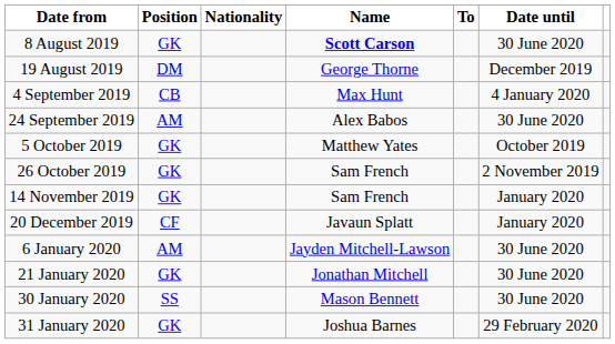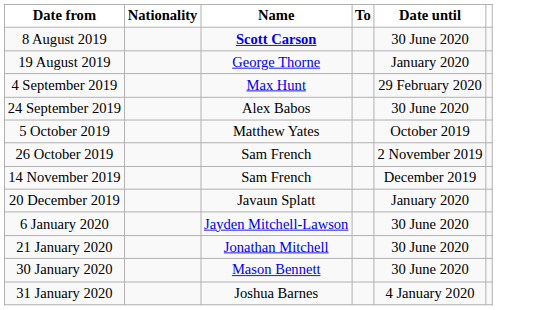 <table class="wikitable" style="text-align:center;">
 <tr>
 <th style="color:#000000; background:#ffffff; ">Date from</th>
-<th style="color:#000000; background:#ffffff; ">Position</th>
 <th style="color:#000000; background:#ffffff; ">Nationality</th>
 <th style="color:#000000; background:#ffffff; ">Name</th>
 <th style="color:#000000; background:#ffffff; ">To</th>
 <th style="color:#000000; background:#ffffff; ">Date until</th>
 <th style="color:#000000; background:#ffffff; "></th>
 </tr>
 <tr>
 <td>8 August 2019</td>
-<td><a href='#'>GK</a></td>
 <td></td>
 <td><strong><a href='#'>Scott Carson</a></strong></td>
 <td></td>
 <td>30 June 2020</td>
 <td></td>
 </tr>
 <tr>
 <td>19 August 2019</td>
-<td><a href='#'>DM</a></td>
 <td></td>
 <td><a href='#'>George Thorne</a></td>
 <td></td>
-<td>December 2019</td>
+<td>January 2020</td>
 <td></td>
 </tr>
 <tr>
 <td>4 September 2019</td>
-<td><a href='#'>CB</a></td>
 <td></td>
 <td><a href='#'>Max Hunt</a></td>
 <td></td>
-<td>4 January 2020</td>
+<td>29 February 2020</td>
 <td></td>
 </tr>
 <tr>
 <td>24 September 2019</td>
-<td><a href='#'>AM</a></td>
 <td></td>
 <td>Alex Babos</td>
 <td></td>
 <td>30 June 2020</td>
 <td></td>
 </tr>
 <tr>
 <td>5 October 2019</td>
-<td><a href='#'>GK</a></td>
 <td></td>
 <td>Matthew Yates</td>
 <td></td>
 <td>October 2019</td>
 <td></td>
 </tr>
 <tr>
 <td>26 October 2019</td>
-<td><a href='#'>GK</a></td>
 <td></td>
 <td>Sam French</td>
 <td></td>
 <td>2 November 2019</td>
 <td></td>
 </tr>
 <tr>
 <td>14 November 2019</td>
-<td><a href='#'>GK</a></td>
 <td></td>
 <td>Sam French</td>
 <td></td>
-<td>January 2020</td>
+<td>December 2019</td>
 <td></td>
 </tr>
 <tr>
 <td>20 December 2019</td>
-<td><a href='#'>CF</a></td>
 <td></td>
 <td>Javaun Splatt</td>
 <td></td>
 <td>January 2020</td>
 <td></td>
 </tr>
 <tr>
 <td>6 January 2020</td>
-<td><a href='#'>AM</a></td>
 <td></td>
 <td><a href='#'>Jayden Mitchell-Lawson</a></td>
 <td></td>
 <td>30 June 2020</td>
 <td></td>
 </tr>
 <tr>
 <td>21 January 2020</td>
-<td><a href='#'>GK</a></td>
 <td></td>
 <td><a href='#'>Jonathan Mitchell</a></td>
 <td></td>
 <td>30 June 2020</td>
 <td></td>
 </tr>
 <tr>
 <td>30 January 2020</td>
-<td><a href='#'>SS</a></td>
 <td></td>
 <td><a href='#'>Mason Bennett</a></td>
 <td></td>
 <td>30 June 2020</td>
 <td></td>
 </tr>
 <tr>
 <td>31 January 2020</td>
-<td><a href='#'>GK</a></td>
 <td></td>
 <td>Joshua Barnes</td>
 <td></td>
-<td>29 February 2020</td>
+<td>4 January 2020</td>
 <td></td>
 </tr>
 </table>
